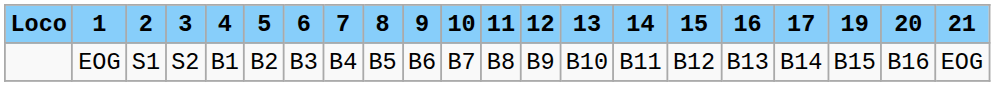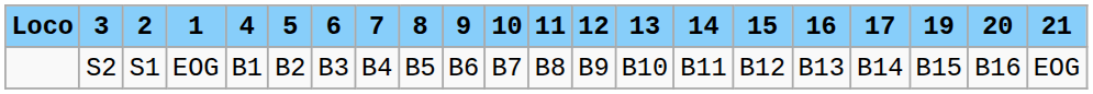 <table class="wikitable plainrowheaders unsortable" style="text-align:center">
 <tr>
 <th scope="col" rowspan="1" style="background:lightskyblue;">Loco</th>
+<th scope="col" rowspan="1" style="background:lightskyblue;">3</th>
+<th scope="col" rowspan="1" style="background:lightskyblue;">2</th>
 <th scope="col" rowspan="1" style="background:lightskyblue;">1</th>
-<th scope="col" rowspan="1" style="background:lightskyblue;">2</th>
-<th scope="col" rowspan="1" style="background:lightskyblue;">3</th>
 <th scope="col" rowspan="1" style="background:lightskyblue;">4</th>
 <th scope="col" rowspan="1" style="background:lightskyblue;">5</th>
 <th scope="col" rowspan="1" style="background:lightskyblue;">6</th>
 <th scope="col" rowspan="1" style="background:lightskyblue;">7</th>
 <th scope="col" rowspan="1" style="background:lightskyblue;">8</th>
 <th scope="col" rowspan="1" style="background:lightskyblue;">9</th>
 <th scope="col" rowspan="1" style="background:lightskyblue;">10</th>
 <th scope="col" rowspan="1" style="background:lightskyblue;">11</th>
 <th scope="col" rowspan="1" style="background:lightskyblue;">12</th>
 <th scope="col" rowspan="1" style="background:lightskyblue;">13</th>
 <th scope="col" rowspan="1" style="background:lightskyblue;">14</th>
 <th scope="col" rowspan="1" style="background:lightskyblue;">15</th>
 <th scope="col" rowspan="1" style="background:lightskyblue;">16</th>
 <th scope="col" rowspan="1" style="background:lightskyblue;">17</th>
 <th scope="col" rowspan="1" style="background:lightskyblue;">19</th>
 <th scope="col" rowspan="1" style="background:lightskyblue;">20</th>
 <th scope="col" rowspan="1" style="background:lightskyblue;">21</th>
 </tr>
 <tr>
 <td></td>
+<td>S2</td>
+<td>S1</td>
 <td>EOG</td>
-<td>S1</td>
-<td>S2</td>
 <td>B1</td>
 <td>B2</td>
 <td>B3</td>
 <td>B4</td>
 <td>B5</td>
 <td>B6</td>
 <td>B7</td>
 <td>B8</td>
 <td>B9</td>
 <td>B10</td>
 <td>B11</td>
 <td>B12</td>
 <td>B13</td>
 <td>B14</td>
 <td>B15</td>
 <td>B16</td>
 <td>EOG</td>
 </tr>
 </table>
